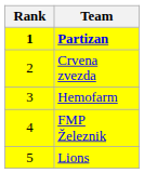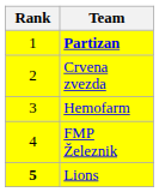 <table class="wikitable" style="text-align: center" align="left">
 <tr>
 <th width=50>Rank</th>
 <th width=90>Team</th>
 </tr>
 <tr bgcolor=yellow>
-<td><strong>1</strong></td>
+<td>1</td>
 <td align=left><strong><a href='#'>Partizan</a></strong></td>
 </tr>
 <tr bgcolor=yellow>
 <td>2</td>
 <td align=left><a href='#'>Crvena zvezda</a></td>
 </tr>
 <tr bgcolor=yellow>
 <td>3</td>
 <td align=left><a href='#'>Hemofarm</a></td>
 </tr>
 <tr bgcolor=yellow>
 <td>4</td>
 <td align=left><a href='#'>FMP Železnik</a></td>
 </tr>
 <tr bgcolor=yellow>
-<td>5</td>
+<td><strong>5</strong></td>
 <td align=left><a href='#'>Lions</a></td>
 </tr>
 </table>
